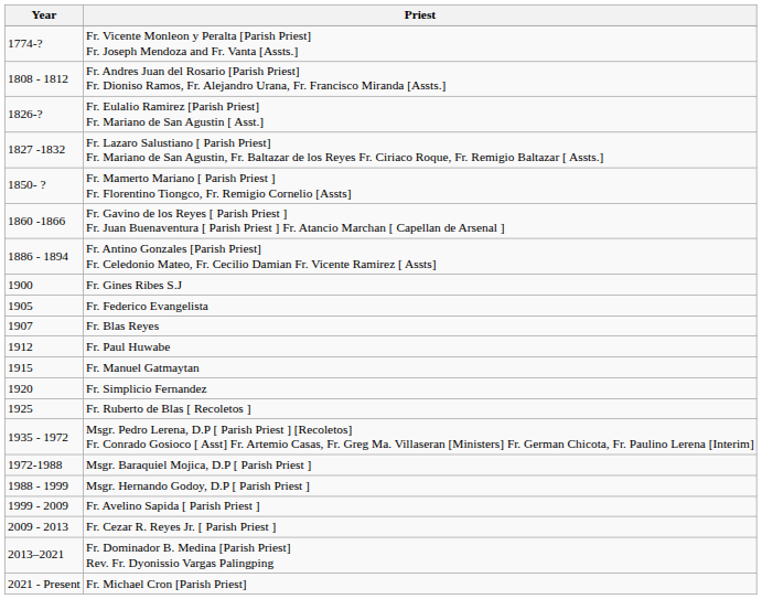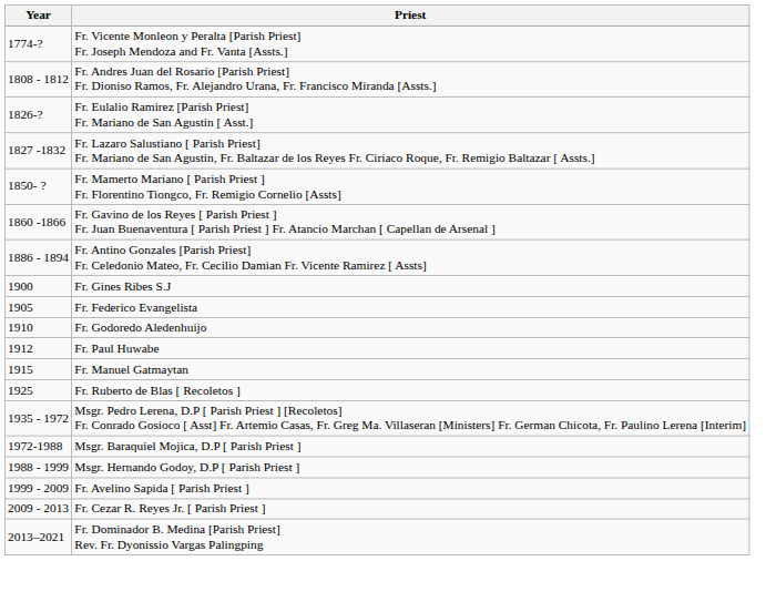 <table class="wikitable" style="font-size:90%;">
 <tr>
 <th>Year</th>
 <th>Priest</th>
 </tr>
 <tr>
 </tr>
 <tr>
 <td>1774-?</td>
 <td>Fr. Vicente Monleon y Peralta [Parish Priest]<br>Fr. Joseph Mendoza and Fr. Vanta [Assts.]</td>
 </tr>
 <tr>
 <td>1808 - 1812</td>
 <td>Fr. Andres Juan del Rosario [Parish Priest]<br>Fr. Dioniso Ramos, Fr. Alejandro Urana,  Fr. Francisco Miranda [Assts.]</td>
 </tr>
 <tr>
 <td>1826-?</td>
 <td>Fr. Eulalio Ramirez [Parish Priest]<br>Fr. Mariano de San Agustin [ Asst.]</td>
 </tr>
 <tr>
 <td>1827 -1832</td>
 <td>Fr. Lazaro Salustiano [ Parish Priest]<br>Fr. Mariano de San Agustin, Fr. Baltazar de los Reyes Fr. Ciriaco Roque, Fr. Remigio Baltazar [ Assts.]</td>
 </tr>
 <tr>
 <td>1850- ?</td>
 <td>Fr. Mamerto Mariano [ Parish Priest ]<br>Fr. Florentino Tiongco, Fr. Remigio Cornelio [Assts]</td>
 </tr>
 <tr>
 <td>1860 -1866</td>
 <td>Fr.  Gavino de los Reyes [ Parish Priest ]<br>Fr.  Juan Buenaventura   [ Parish Priest ] Fr. Atancio Marchan [ Capellan de Arsenal ]</td>
 </tr>
 <tr>
 <td>1886 - 1894</td>
 <td>Fr. Antino Gonzales [Parish Priest]<br>Fr. Celedonio Mateo, Fr. Cecilio Damian Fr. Vicente Ramirez [ Assts]</td>
 </tr>
 <tr>
 <td>1900</td>
 <td>Fr. Gines Ribes S.J</td>
 </tr>
 <tr>
 <td>1905</td>
 <td>Fr. Federico Evangelista</td>
 </tr>
 <tr>
-<td>1907</td>
-<td>Fr. Blas Reyes</td>
+<td>1910</td>
+<td>Fr. Godoredo Aledenhuijo</td>
 </tr>
 <tr>
 <td>1912</td>
 <td>Fr. Paul Huwabe</td>
 </tr>
 <tr>
 <td>1915</td>
 <td>Fr. Manuel Gatmaytan</td>
-</tr>
-<tr>
-<td>1920</td>
-<td>Fr. Simplicio Fernandez</td>
 </tr>
 <tr>
 <td>1925</td>
 <td>Fr. Ruberto de Blas [ Recoletos ]</td>
 </tr>
 <tr>
 <td>1935 - 1972</td>
 <td>Msgr. Pedro Lerena, D.P  [ Parish Priest ] [Recoletos]<br>Fr. Conrado Gosioco [ Asst] Fr. Artemio Casas, Fr. Greg Ma. Villaseran [Ministers] Fr. German Chicota, Fr. Paulino Lerena [Interim]</td>
 </tr>
 <tr>
 <td>1972-1988</td>
 <td>Msgr. Baraquiel Mojica, D.P [ Parish Priest ]</td>
 </tr>
 <tr>
 <td>1988 - 1999</td>
 <td>Msgr. Hernando Godoy, D.P [ Parish Priest ]</td>
 </tr>
 <tr>
 <td>1999 - 2009</td>
 <td>Fr. Avelino Sapida [ Parish Priest ]</td>
 </tr>
 <tr>
 <td>2009 - 2013</td>
 <td>Fr. Cezar R. Reyes Jr. [ Parish Priest ]</td>
 </tr>
 <tr>
 <td>2013–2021</td>
 <td>Fr. Dominador B. Medina [Parish Priest]<br>Rev. Fr. Dyonissio Vargas Palingping</td>
 </tr>
-<tr>
-<td>2021 - Present</td>
-<td>Fr. Michael Cron [Parish Priest]</td>
-</tr>
 </table>
